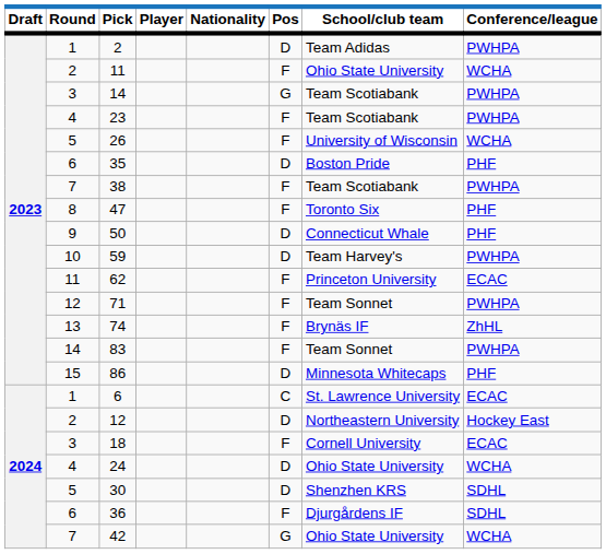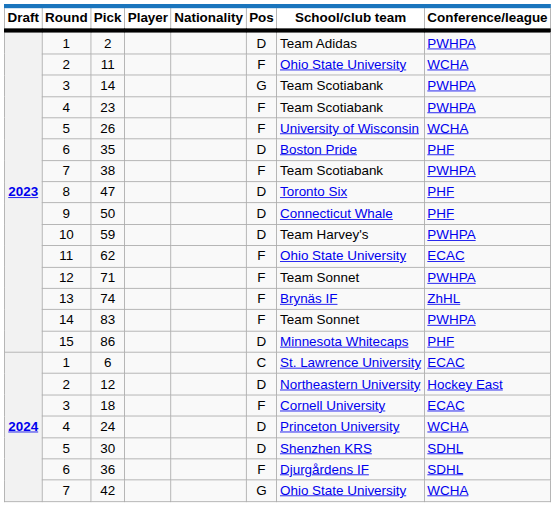 <table class="wikitable sortable plainrowheaders" style="text-align:center;">
 <tr style="background-color:#fff; border-top:#1A75BD 5px solid; border-bottom:#000000 5px solid;">
 <th style="background-color:#fff;" scope="col">Draft</th>
 <th style="background-color:#fff;" scope="col" data-sort-type="number">Round</th>
 <th style="background-color:#fff;" scope="col" data-sort-type="number">Pick</th>
 <th style="background-color:#fff;" scope="col">Player</th>
 <th style="background-color:#fff;" scope="col">Nationality</th>
 <th style="background-color:#fff;" scope="col">Pos</th>
 <th style="background-color:#fff;" scope="col;">School/club team</th>
 <th style="background-color:#fff;" scope="col">Conference/league</th>
 </tr>
 <tr>
 <th scope="rowgroup" rowspan="15"><a href='#'>2023</a></th>
 <td>1</td>
 <td>2</td>
 <td align="left"></td>
 <td align="left"></td>
 <td>D</td>
 <td align="left">Team Adidas</td>
 <td align="left"><a href='#'>PWHPA</a></td>
 </tr>
 <tr>
 <td>2</td>
 <td>11</td>
 <td align="left"></td>
 <td align="left"></td>
 <td>F</td>
 <td align="left"><a href='#'>Ohio State University</a></td>
 <td align="left"><a href='#'>WCHA</a></td>
 </tr>
 <tr>
 <td>3</td>
 <td>14</td>
 <td align="left"></td>
 <td align="left"></td>
 <td>G</td>
 <td align="left">Team Scotiabank</td>
 <td align="left"><a href='#'>PWHPA</a></td>
 </tr>
 <tr>
 <td>4</td>
 <td>23</td>
 <td align="left"></td>
 <td align="left"></td>
 <td>F</td>
 <td align="left">Team Scotiabank</td>
 <td align="left"><a href='#'>PWHPA</a></td>
 </tr>
 <tr>
 <td>5</td>
 <td>26</td>
 <td align="left"></td>
 <td align="left"></td>
 <td>F</td>
 <td align="left"><a href='#'>University of Wisconsin</a></td>
 <td align="left"><a href='#'>WCHA</a></td>
 </tr>
 <tr>
 <td>6</td>
 <td>35</td>
 <td align="left"></td>
 <td align="left"></td>
 <td>D</td>
 <td align="left"><a href='#'>Boston Pride</a></td>
 <td align="left"><a href='#'>PHF</a></td>
 </tr>
 <tr>
 <td>7</td>
 <td>38</td>
 <td align="left"></td>
 <td align="left"></td>
 <td>F</td>
 <td align="left">Team Scotiabank</td>
 <td align="left"><a href='#'>PWHPA</a></td>
 </tr>
 <tr>
 <td>8</td>
 <td>47</td>
 <td align="left"></td>
 <td align="left"></td>
-<td>F</td>
+<td>D</td>
 <td align="left"><a href='#'>Toronto Six</a></td>
 <td align="left"><a href='#'>PHF</a></td>
 </tr>
 <tr>
 <td>9</td>
 <td>50</td>
 <td align="left"></td>
 <td align="left"></td>
 <td>D</td>
 <td align="left"><a href='#'>Connecticut Whale</a></td>
 <td align="left"><a href='#'>PHF</a></td>
 </tr>
 <tr>
 <td>10</td>
 <td>59</td>
 <td align="left"></td>
 <td align="left"></td>
 <td>D</td>
 <td align="left">Team Harvey's</td>
 <td align="left"><a href='#'>PWHPA</a></td>
 </tr>
 <tr>
 <td>11</td>
 <td>62</td>
 <td align="left"></td>
 <td align="left"></td>
 <td>F</td>
-<td align="left"><a href='#'>Princeton University</a></td>
+<td align="left"><a href='#'>Ohio State University</a></td>
 <td align="left"><a href='#'>ECAC</a></td>
 </tr>
 <tr>
 <td>12</td>
 <td>71</td>
 <td align="left"></td>
 <td align="left"></td>
 <td>F</td>
 <td align="left">Team Sonnet</td>
 <td align="left"><a href='#'>PWHPA</a></td>
 </tr>
 <tr>
 <td>13</td>
 <td>74</td>
 <td align="left"></td>
 <td align="left"></td>
 <td>F</td>
 <td align="left"><a href='#'>Brynäs IF</a></td>
 <td align="left"><a href='#'>ZhHL</a></td>
 </tr>
 <tr>
 <td>14</td>
 <td>83</td>
 <td align="left"></td>
 <td align="left"></td>
 <td>F</td>
 <td align="left">Team Sonnet</td>
 <td align="left"><a href='#'>PWHPA</a></td>
 </tr>
 <tr>
 <td>15</td>
 <td>86</td>
 <td align="left"></td>
 <td align="left"></td>
 <td>D</td>
 <td align="left"><a href='#'>Minnesota Whitecaps</a></td>
 <td align="left"><a href='#'>PHF</a></td>
 </tr>
 <tr>
 <th scope="rowgroup" rowspan="7"><a href='#'>2024</a></th>
 <td>1</td>
 <td>6</td>
 <td align="left"></td>
 <td align="left"></td>
 <td>C</td>
 <td align="left"><a href='#'>St. Lawrence University</a></td>
 <td align="left"><a href='#'>ECAC</a></td>
 </tr>
 <tr>
 <td>2</td>
 <td>12</td>
 <td align="left"></td>
 <td align="left"></td>
 <td>D</td>
 <td align="left"><a href='#'>Northeastern University</a></td>
 <td align="left"><a href='#'>Hockey East</a></td>
 </tr>
 <tr>
 <td>3</td>
 <td>18</td>
 <td align="left"></td>
 <td align="left"></td>
 <td>F</td>
 <td align="left"><a href='#'>Cornell University</a></td>
 <td align="left"><a href='#'>ECAC</a></td>
 </tr>
 <tr>
 <td>4</td>
 <td>24</td>
 <td align="left"></td>
 <td align="left"></td>
 <td>D</td>
-<td align="left"><a href='#'>Ohio State University</a></td>
+<td align="left"><a href='#'>Princeton University</a></td>
 <td align="left"><a href='#'>WCHA</a></td>
 </tr>
 <tr>
 <td>5</td>
 <td>30</td>
 <td align="left"></td>
 <td align="left"></td>
 <td>D</td>
 <td align="left"><a href='#'>Shenzhen KRS</a></td>
 <td align="left"><a href='#'>SDHL</a></td>
 </tr>
 <tr>
 <td>6</td>
 <td>36</td>
 <td align="left"></td>
 <td align="left"></td>
 <td>F</td>
 <td align="left"><a href='#'>Djurgårdens IF</a></td>
 <td align="left"><a href='#'>SDHL</a></td>
 </tr>
 <tr>
 <td>7</td>
 <td>42</td>
 <td align="left"></td>
 <td align="left"></td>
 <td>G</td>
 <td align="left"><a href='#'>Ohio State University</a></td>
 <td align="left"><a href='#'>WCHA</a></td>
 </tr>
 </table>
